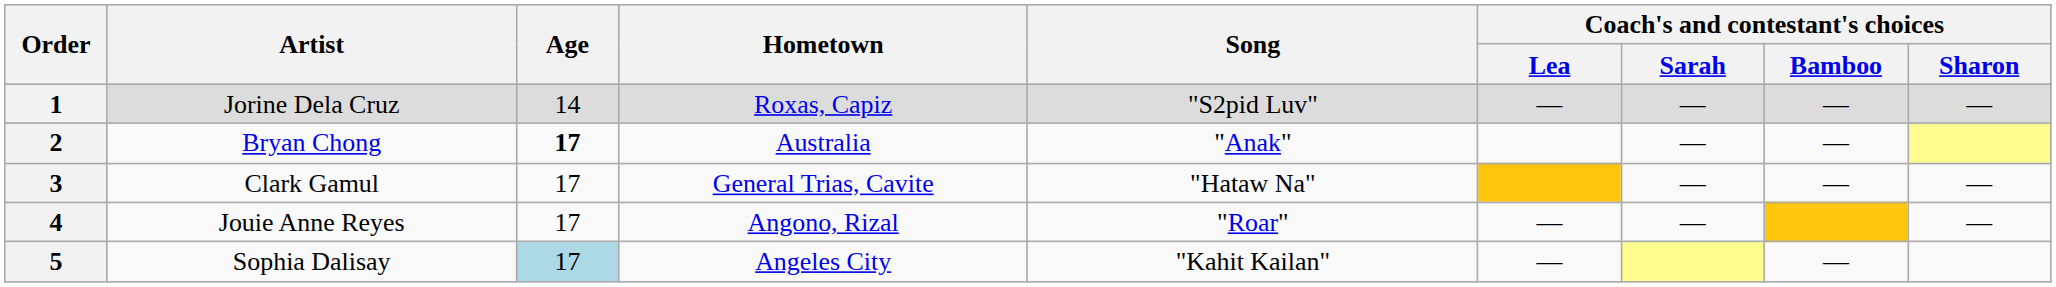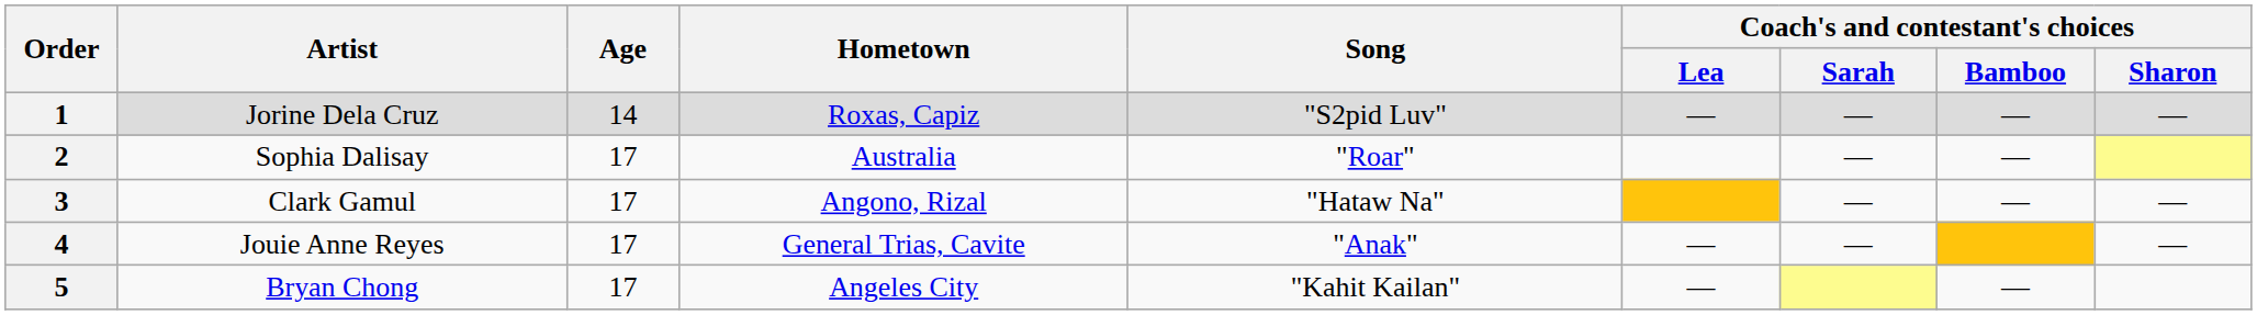 <table class="wikitable" style="text-align:center; line-height:17px; width:100%;">
 <tr>
 <th rowspan="2" scope="col" width="05%">Order</th>
 <th rowspan="2" scope="col" width="20%">Artist</th>
 <th rowspan="2" scope="col" width="05%">Age</th>
 <th rowspan="2" scope="col" width="20%">Hometown</th>
 <th rowspan="2" scope="col" width="22%">Song</th>
 <th colspan="4" scope="col" width="28%">Coach's and contestant's choices</th>
 </tr>
 <tr>
 <th width="07%"><a href='#'>Lea</a></th>
 <th width="07%"><a href='#'>Sarah</a></th>
 <th width="07%"><a href='#'>Bamboo</a></th>
 <th width="07%"><a href='#'>Sharon</a></th>
 </tr>
 <tr>
 <th>1</th>
 <td style="background:#DCDCDC;">Jorine Dela Cruz</td>
 <td style="background:#DCDCDC;">14</td>
 <td style="background:#DCDCDC;"><a href='#'>Roxas, Capiz</a></td>
 <td style="background:#DCDCDC;">"S2pid Luv"</td>
 <td style="background:#DCDCDC;">—</td>
 <td style="background:#DCDCDC;">—</td>
 <td style="background:#DCDCDC;">—</td>
 <td style="background:#DCDCDC;">—</td>
 </tr>
 <tr>
 <th>2</th>
-<td><a href='#'>Bryan Chong</a></td>
-<td><strong>17</strong></td>
+<td>Sophia Dalisay</td>
+<td>17</td>
 <td><a href='#'>Australia</a></td>
-<td>"<a href='#'>Anak</a>"</td>
+<td>"<a href='#'>Roar</a>"</td>
 <td><strong></strong></td>
 <td>—</td>
 <td>—</td>
 <td style="background:#fdfc8f;"><strong></strong></td>
 </tr>
 <tr>
 <th>3</th>
 <td>Clark Gamul</td>
 <td>17</td>
-<td><a href='#'>General Trias, Cavite</a></td>
+<td><a href='#'>Angono, Rizal</a></td>
 <td>"Hataw Na"</td>
 <td style="background:#FFC40C;"><strong></strong></td>
 <td>—</td>
 <td>—</td>
 <td>—</td>
 </tr>
 <tr>
 <th>4</th>
 <td>Jouie Anne Reyes</td>
 <td>17</td>
-<td><a href='#'>Angono, Rizal</a></td>
-<td>"<a href='#'>Roar</a>"</td>
+<td><a href='#'>General Trias, Cavite</a></td>
+<td>"<a href='#'>Anak</a>"</td>
 <td>—</td>
 <td>—</td>
 <td style="background:#FFC40C;"><strong></strong></td>
 <td>—</td>
 </tr>
 <tr>
 <th>5</th>
-<td>Sophia Dalisay</td>
-<td style="background: lightblue;">17</td>
+<td><a href='#'>Bryan Chong</a></td>
+<td>17</td>
 <td><a href='#'>Angeles City</a></td>
 <td>"Kahit Kailan"</td>
 <td>—</td>
 <td style="background:#fdfc8f;"><strong></strong></td>
 <td>—</td>
 <td><strong></strong></td>
 </tr>
 </table>
